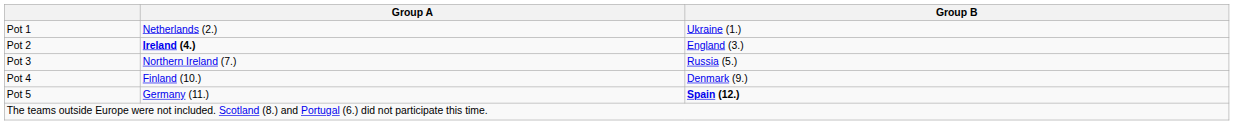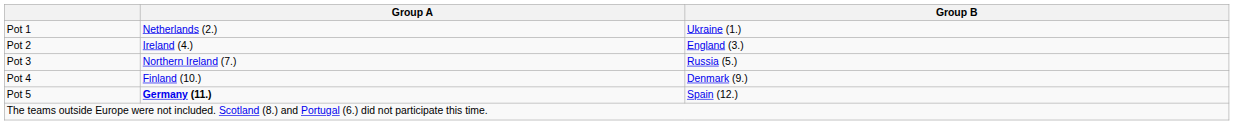 <table class="wikitable" style="width:95%">
 <tr>
 <th width=5%></th>
 <th width=20%><strong>Group A</strong></th>
 <th width=20%><strong>Group B</strong></th>
 </tr>
 <tr>
 <td>Pot 1</td>
 <td> <a href='#'>Netherlands</a> (2.)</td>
 <td> <a href='#'>Ukraine</a> (1.)</td>
 </tr>
 <tr>
 <td>Pot 2</td>
-<td><strong> <a href='#'>Ireland</a> (4.)</strong></td>
+<td> <a href='#'>Ireland</a> (4.)</td>
 <td> <a href='#'>England</a> (3.)</td>
 </tr>
 <tr>
 <td>Pot 3</td>
 <td> <a href='#'>Northern Ireland</a> (7.)</td>
 <td> <a href='#'>Russia</a> (5.)</td>
 </tr>
 <tr>
 <td>Pot 4</td>
 <td> <a href='#'>Finland</a> (10.)</td>
 <td> <a href='#'>Denmark</a> (9.)</td>
 </tr>
 <tr>
 <td>Pot 5</td>
-<td> <a href='#'>Germany</a> (11.)</td>
-<td><strong> <a href='#'>Spain</a> (12.)</strong></td>
+<td><strong> <a href='#'>Germany</a> (11.)</strong></td>
+<td> <a href='#'>Spain</a> (12.)</td>
 </tr>
 <tr>
 <td colspan=3>The teams outside Europe were not included.  <a href='#'>Scotland</a> (8.) and    <a href='#'>Portugal</a> (6.) did not participate this time.</td>
 </tr>
 </table>
